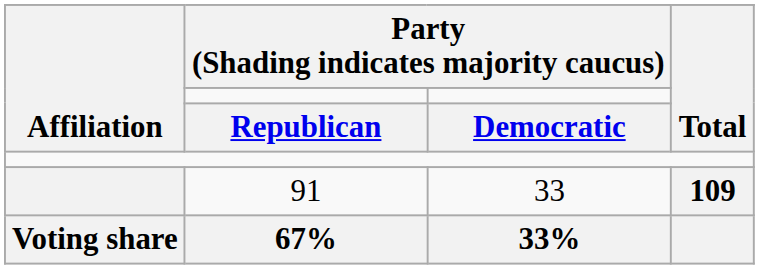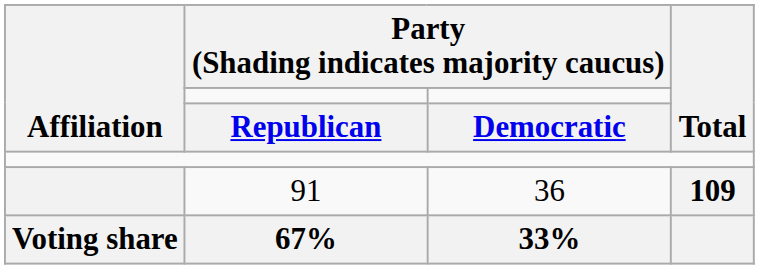 <table class=wikitable style="text-align:center">
 <tr style="vertical-align:bottom;">
 <th rowspan=3>Affiliation</th>
 <th colspan=2>Party <div>(Shading indicates majority caucus)</div></th>
 <th rowspan=3>Total</th>
 </tr>
 <tr style="height:5px">
 <td style="background-color:"></td>
 <td style="background-color:"></td>
 </tr>
 <tr>
 <th><a href='#'>Republican</a></th>
 <th><a href='#'>Democratic</a></th>
 </tr>
 <tr>
 <td colspan=5></td>
 </tr>
 <tr>
 <th nowrap style="font-size:80%"></th>
 <td>91</td>
-<td>33</td>
+<td>36</td>
 <th>109</th>
 </tr>
 <tr>
 <th>Voting share</th>
 <th>67% </th>
 <th>33%</th>
 <th colspan=2></th>
 </tr>
 </table>
